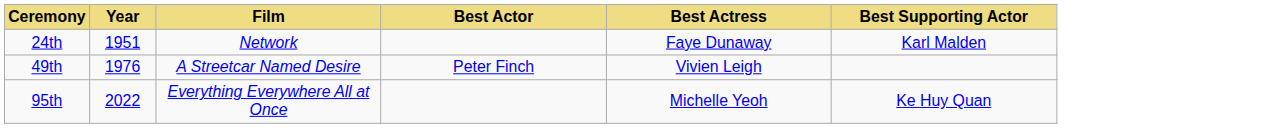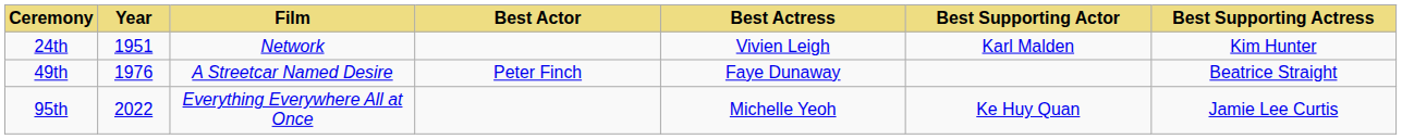 <table class="wikitable sortable" style="text-align: center">
 <tr>
 <th style="background-color:#EEDD82; width:060px;">Ceremony</th>
 <th style="background-color:#EEDD82; width:060px;">Year</th>
 <th style="background-color:#EEDD82; width:220px;">Film</th>
 <th style="background-color:#EEDD82; width:220px;">Best Actor</th>
 <th style="background-color:#EEDD82; width:220px;">Best Actress</th>
 <th style="background-color:#EEDD82; width:220px;">Best Supporting Actor</th>
+<th style="background-color:#EEDD82; width:220px;">Best Supporting Actress</th>
 </tr>
 <tr>
 <td><a href='#'>24th</a></td>
 <td><a href='#'>1951</a></td>
 <td><em><a href='#'>Network</a></em></td>
 <td></td>
-<td><a href='#'>Faye Dunaway</a></td>
+<td><a href='#'>Vivien Leigh</a></td>
 <td><a href='#'>Karl Malden</a></td>
+<td><a href='#'>Kim Hunter</a></td>
 </tr>
 <tr>
 <td><a href='#'>49th</a></td>
 <td><a href='#'>1976</a></td>
 <td><em><a href='#'>A Streetcar Named Desire</a></em></td>
 <td><a href='#'>Peter Finch</a></td>
-<td><a href='#'>Vivien Leigh</a></td>
+<td><a href='#'>Faye Dunaway</a></td>
 <td></td>
+<td><a href='#'>Beatrice Straight</a></td>
 </tr>
 <tr>
 <td><a href='#'>95th</a></td>
 <td><a href='#'>2022</a></td>
 <td><em><a href='#'>Everything Everywhere All at Once</a></em></td>
 <td></td>
 <td><a href='#'>Michelle Yeoh</a></td>
 <td><a href='#'>Ke Huy Quan</a></td>
+<td><a href='#'>Jamie Lee Curtis</a></td>
 </tr>
 </table>
